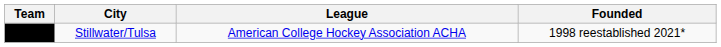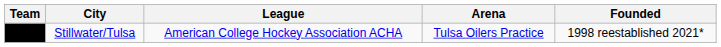 <table class="wikitable sortable" width="60%">
 <tr>
 <th>Team</th>
 <th>City</th>
 <th>League</th>
+<th>Arena</th>
 <th>Founded</th>
 </tr>
 <tr align=center>
 <td style="color:white; background:#000000; "><strong><a href='#'></a></strong></td>
 <td><a href='#'>Stillwater/Tulsa</a></td>
 <td><a href='#'>American College Hockey Association ACHA</a></td>
+<td><a href='#'>Tulsa Oilers Practice</a></td>
 <td>1998 reestablished 2021*</td>
 </tr>
 </table>
